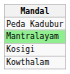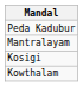 <table class="wikitable sortable static-row-numbers static-row-header-hash">
 <tr>
 <th>Mandal</th>
 </tr>
 <tr>
 <td>Peda Kadubur</td>
 </tr>
 <tr>
-<td style="background: lightgreen;">Mantralayam</td>
+<td>Mantralayam</td>
 </tr>
 <tr>
 <td>Kosigi</td>
 </tr>
 <tr>
 <td>Kowthalam</td>
 </tr>
 </table>
